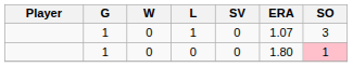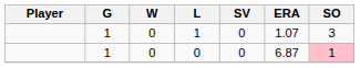 <table class="wikitable sortable">
 <tr>
 <th bgcolor="#DDDDFF" width="16%">Player</th>
 <th bgcolor="#DDDDFF" width="9%">G</th>
 <th bgcolor="#DDDDFF" width="9%">W</th>
 <th bgcolor="#DDDDFF" width="9%">L</th>
 <th bgcolor="#DDDDFF" width="9%">SV</th>
 <th bgcolor="#DDDDFF" width="9%">ERA</th>
 <th bgcolor="#DDDDFF" width="9%">SO</th>
 </tr>
 <tr align="center">
 <td></td>
 <td>1</td>
 <td>0</td>
 <td>1</td>
 <td>0</td>
 <td>1.07</td>
 <td>3</td>
 </tr>
 <tr align="center">
 <td></td>
 <td>1</td>
 <td>0</td>
 <td>0</td>
 <td>0</td>
-<td>1.80</td>
+<td>6.87</td>
 <td style="background: pink;">1</td>
 </tr>
 <tr align="center">
 </tr>
 </table>
